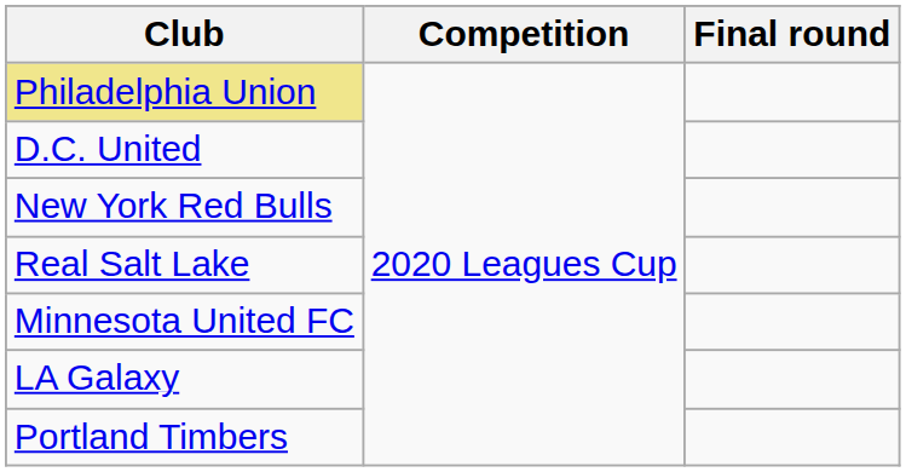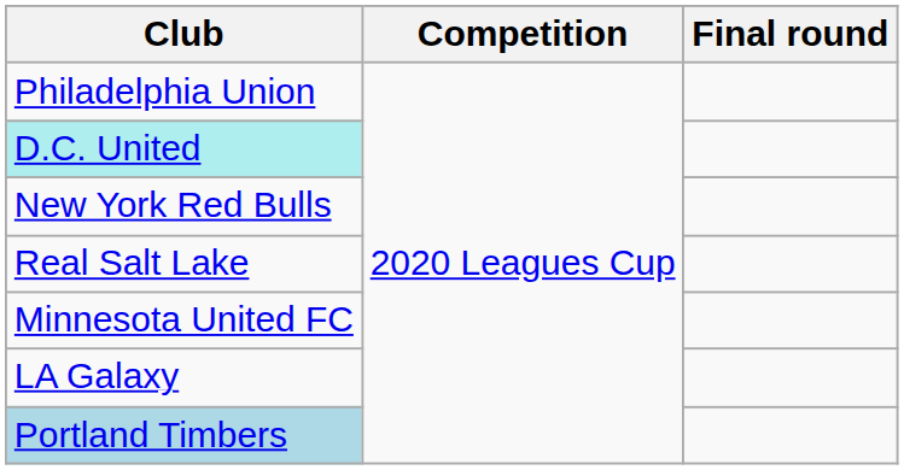 <table class="wikitable">
 <tr>
 <th>Club</th>
 <th>Competition</th>
 <th>Final round</th>
 </tr>
 <tr>
-<td style="background: khaki;"><a href='#'>Philadelphia Union</a></td>
+<td><a href='#'>Philadelphia Union</a></td>
 <td rowspan=7><a href='#'>2020 Leagues Cup</a></td>
 <td></td>
 </tr>
 <tr>
-<td><a href='#'>D.C. United</a></td>
+<td style="background: paleturquoise;"><a href='#'>D.C. United</a></td>
 <td></td>
 </tr>
 <tr>
 <td><a href='#'>New York Red Bulls</a></td>
 <td></td>
 </tr>
 <tr>
 <td><a href='#'>Real Salt Lake</a></td>
 <td></td>
 </tr>
 <tr>
 <td><a href='#'>Minnesota United FC</a></td>
 <td></td>
 </tr>
 <tr>
 <td><a href='#'>LA Galaxy</a></td>
 <td></td>
 </tr>
 <tr>
-<td><a href='#'>Portland Timbers</a></td>
+<td style="background: lightblue;"><a href='#'>Portland Timbers</a></td>
 <td></td>
 </tr>
 </table>
